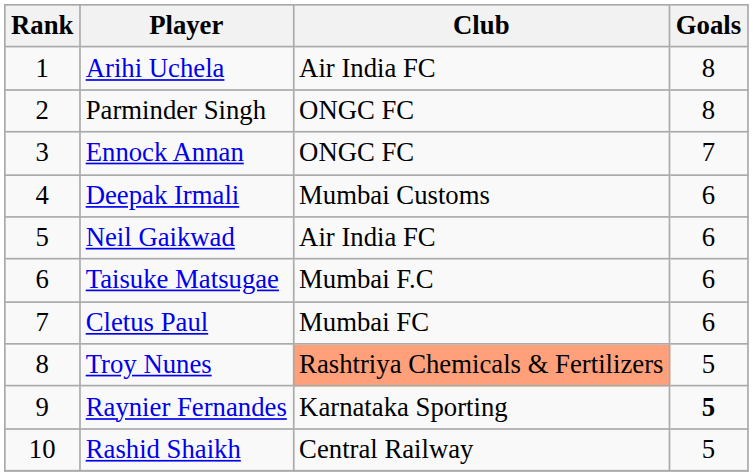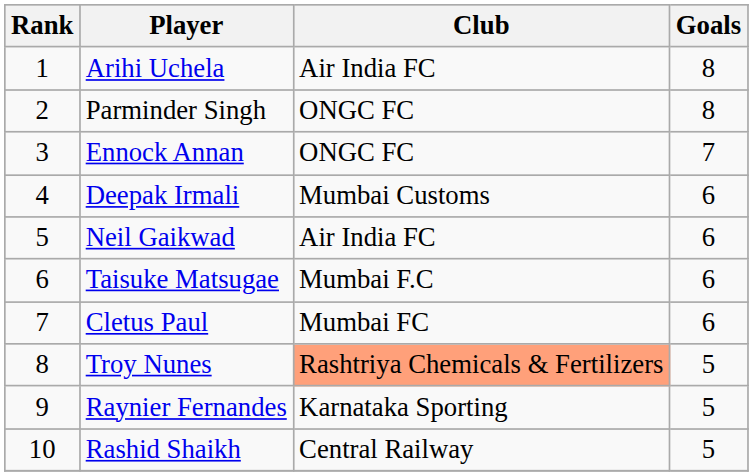 <table class="wikitable" style="text-align:center">
 <tr>
 <th>Rank</th>
 <th>Player</th>
 <th>Club</th>
 <th>Goals</th>
 </tr>
 <tr>
 <td>1</td>
 <td align="left"> <a href='#'>Arihi Uchela</a></td>
 <td align="left">Air India FC</td>
 <td>8</td>
 </tr>
 <tr>
 <td>2</td>
 <td align="left"> Parminder Singh</td>
 <td align="left">ONGC FC</td>
 <td>8</td>
 </tr>
 <tr>
 <td>3</td>
 <td align="left"> <a href='#'>Ennock Annan</a></td>
 <td align="left">ONGC FC</td>
 <td>7</td>
 </tr>
 <tr>
 <td>4</td>
 <td align="left"> <a href='#'>Deepak Irmali</a></td>
 <td align="left">Mumbai Customs</td>
 <td>6</td>
 </tr>
 <tr>
 <td>5</td>
 <td align="left"> <a href='#'>Neil Gaikwad</a></td>
 <td align="left">Air India FC</td>
 <td>6</td>
 </tr>
 <tr>
 <td>6</td>
 <td align="left"> <a href='#'>Taisuke Matsugae</a></td>
 <td align="left">Mumbai F.C</td>
 <td>6</td>
 </tr>
 <tr>
 <td>7</td>
 <td align="left"> <a href='#'>Cletus Paul</a></td>
 <td align="left">Mumbai FC</td>
 <td>6</td>
 </tr>
 <tr>
 <td>8</td>
 <td align="left"> <a href='#'>Troy Nunes</a></td>
 <td align="left" style="background: lightsalmon;">Rashtriya Chemicals & Fertilizers</td>
 <td>5</td>
 </tr>
 <tr>
 <td>9</td>
 <td align="left"> <a href='#'>Raynier Fernandes</a></td>
 <td align="left">Karnataka Sporting</td>
-<td><strong>5</strong></td>
+<td>5</td>
 </tr>
 <tr>
 <td>10</td>
 <td align="left"> <a href='#'>Rashid Shaikh</a></td>
 <td align="left">Central Railway</td>
 <td>5</td>
 </tr>
 <tr>
 </tr>
 </table>
